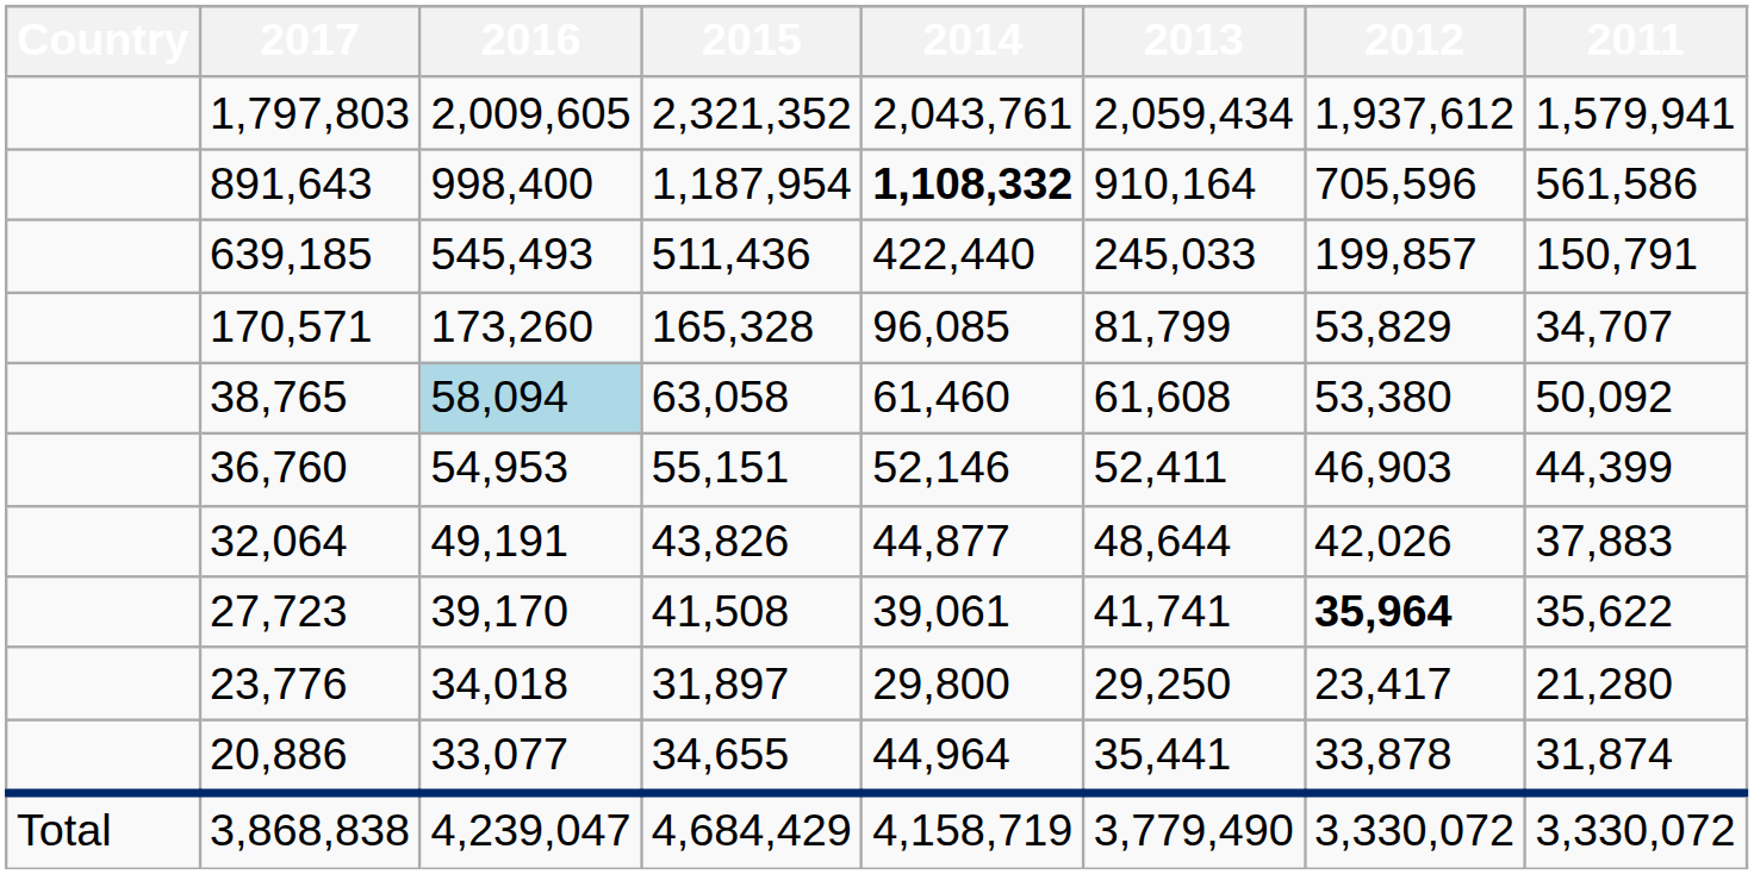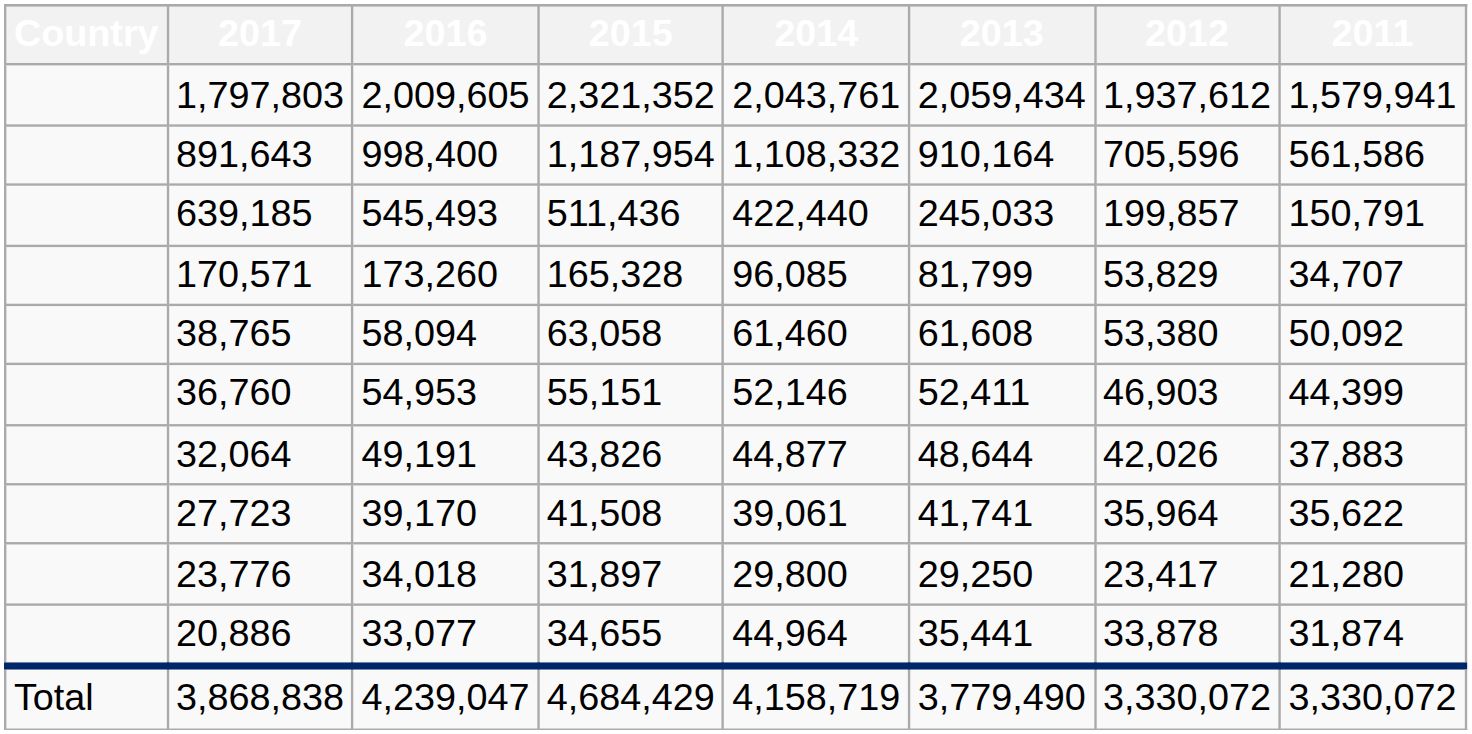 <table class="wikitable sortable collapsible collapsed">
 <tr>
 </tr>
 <tr style="color:white;">
 <th>Country</th>
 <th>2017</th>
 <th>2016</th>
 <th>2015</th>
 <th>2014</th>
 <th>2013</th>
 <th>2012</th>
 <th>2011</th>
 </tr>
 <tr>
 <td></td>
 <td>1,797,803</td>
 <td>2,009,605</td>
 <td>2,321,352</td>
 <td>2,043,761</td>
 <td>2,059,434</td>
 <td>1,937,612</td>
 <td>1,579,941</td>
 </tr>
 <tr>
 <td></td>
 <td>891,643</td>
 <td>998,400</td>
 <td>1,187,954</td>
-<td><strong>1,108,332</strong></td>
+<td>1,108,332</td>
 <td>910,164</td>
 <td>705,596</td>
 <td>561,586</td>
 </tr>
 <tr>
 <td></td>
 <td>639,185</td>
 <td>545,493</td>
 <td>511,436</td>
 <td>422,440</td>
 <td>245,033</td>
 <td>199,857</td>
 <td>150,791</td>
 </tr>
 <tr>
 <td></td>
 <td>170,571</td>
 <td>173,260</td>
 <td>165,328</td>
 <td>96,085</td>
 <td>81,799</td>
 <td>53,829</td>
 <td>34,707</td>
 </tr>
 <tr>
 <td></td>
 <td>38,765</td>
-<td style="background: lightblue;">58,094</td>
+<td>58,094</td>
 <td>63,058</td>
 <td>61,460</td>
 <td>61,608</td>
 <td>53,380</td>
 <td>50,092</td>
 </tr>
 <tr>
 <td></td>
 <td>36,760</td>
 <td>54,953</td>
 <td>55,151</td>
 <td>52,146</td>
 <td>52,411</td>
 <td>46,903</td>
 <td>44,399</td>
 </tr>
 <tr>
 <td></td>
 <td>32,064</td>
 <td>49,191</td>
 <td>43,826</td>
 <td>44,877</td>
 <td>48,644</td>
 <td>42,026</td>
 <td>37,883</td>
 </tr>
 <tr>
 <td></td>
 <td>27,723</td>
 <td>39,170</td>
 <td>41,508</td>
 <td>39,061</td>
 <td>41,741</td>
-<td><strong>35,964</strong></td>
+<td>35,964</td>
 <td>35,622</td>
 </tr>
 <tr>
 <td></td>
 <td>23,776</td>
 <td>34,018</td>
 <td>31,897</td>
 <td>29,800</td>
 <td>29,250</td>
 <td>23,417</td>
 <td>21,280</td>
 </tr>
 <tr>
 <td></td>
 <td>20,886</td>
 <td>33,077</td>
 <td>34,655</td>
 <td>44,964</td>
 <td>35,441</td>
 <td>33,878</td>
 <td>31,874</td>
 </tr>
 <tr style="border-top:3px solid #002868;">
 <td>Total</td>
 <td>3,868,838</td>
 <td>4,239,047</td>
 <td>4,684,429</td>
 <td>4,158,719</td>
 <td>3,779,490</td>
 <td>3,330,072</td>
 <td>3,330,072</td>
 </tr>
 </table>
